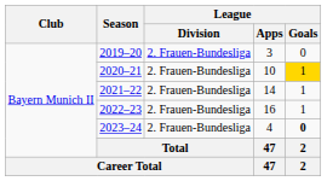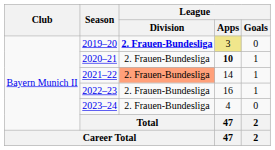 <table class="wikitable" Style="text-align: center">
 <tr>
 <th rowspan="2">Club</th>
 <th rowspan="2">Season</th>
 <th colspan="3">League</th>
 </tr>
 <tr>
 <th>Division</th>
 <th>Apps</th>
 <th>Goals</th>
 </tr>
 <tr>
 <td rowspan="6"><a href='#'>Bayern Munich II</a></td>
 <td><a href='#'>2019–20</a></td>
-<td><a href='#'>2. Frauen-Bundesliga</a></td>
-<td>3</td>
+<td><strong><a href='#'>2. Frauen-Bundesliga</a></strong></td>
+<td style="background: khaki;">3</td>
 <td>0</td>
 </tr>
 <tr>
 <td><a href='#'>2020–21</a></td>
 <td>2. Frauen-Bundesliga</td>
-<td>10</td>
-<td style="background: gold;">1</td>
+<td><strong>10</strong></td>
+<td>1</td>
 </tr>
 <tr>
 <td><a href='#'>2021–22</a></td>
-<td>2. Frauen-Bundesliga</td>
+<td style="background: lightsalmon;">2. Frauen-Bundesliga</td>
 <td>14</td>
 <td>1</td>
 </tr>
 <tr>
 <td><a href='#'>2022–23</a></td>
 <td>2. Frauen-Bundesliga</td>
 <td>16</td>
 <td>1</td>
 </tr>
 <tr>
 <td><a href='#'>2023–24</a></td>
 <td>2. Frauen-Bundesliga</td>
 <td>4</td>
-<td><strong>0</strong></td>
+<td>0</td>
 </tr>
 <tr>
 <th colspan="2">Total</th>
 <th>47</th>
 <th>2</th>
 </tr>
 <tr>
 <th colspan="3">Career Total</th>
 <th>47</th>
 <th>2</th>
 </tr>
 </table>
